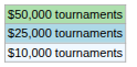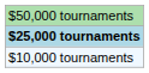 <table class="wikitable" style="font-size:85%">
 <tr bgcolor="#ADDFAD">
 <td>$50,000 tournaments</td>
 </tr>
 <tr bgcolor="lightblue">
-<td>$25,000 tournaments</td>
+<td><strong>$25,000 tournaments</strong></td>
 </tr>
 <tr bgcolor="#f0f8ff">
 <td>$10,000 tournaments</td>
 </tr>
 </table>
